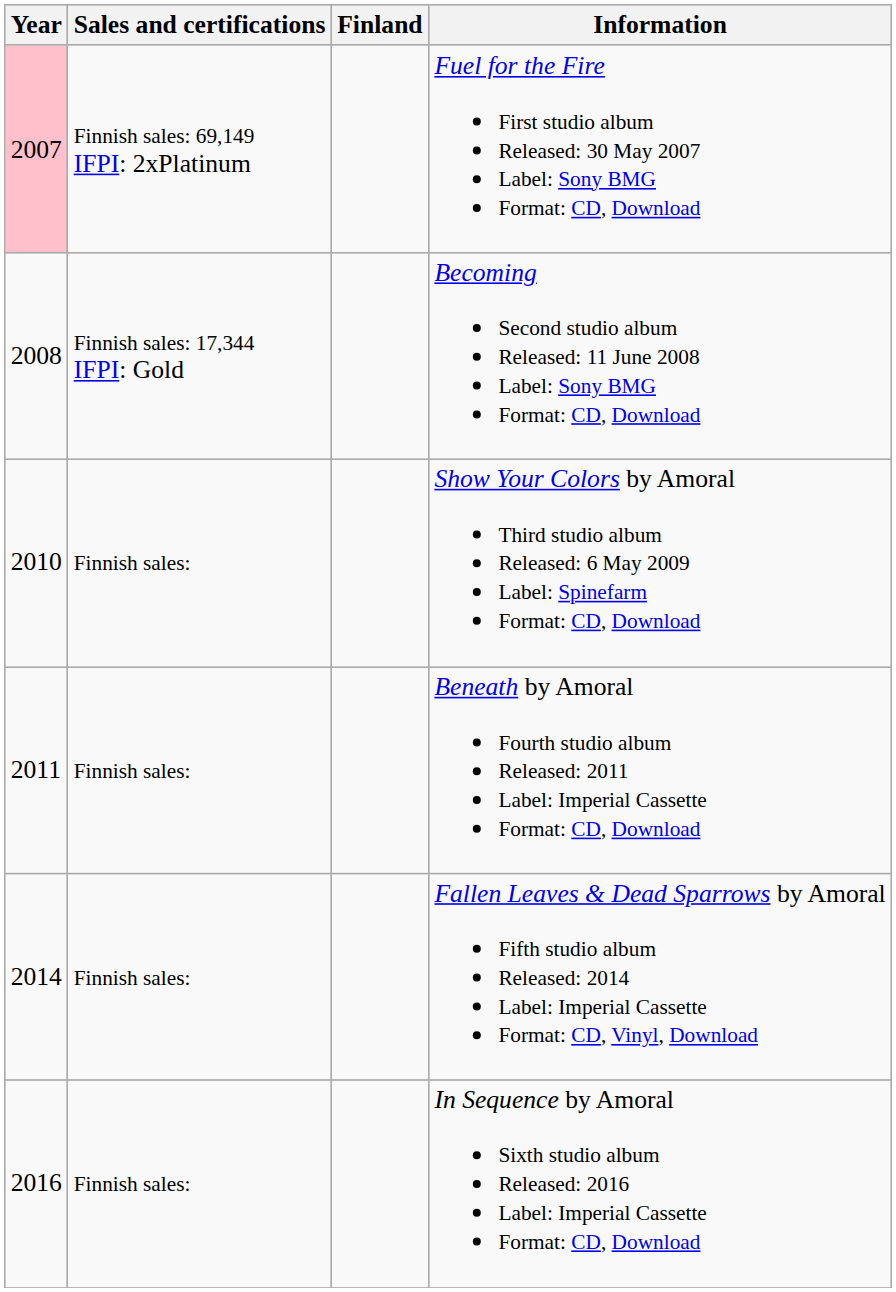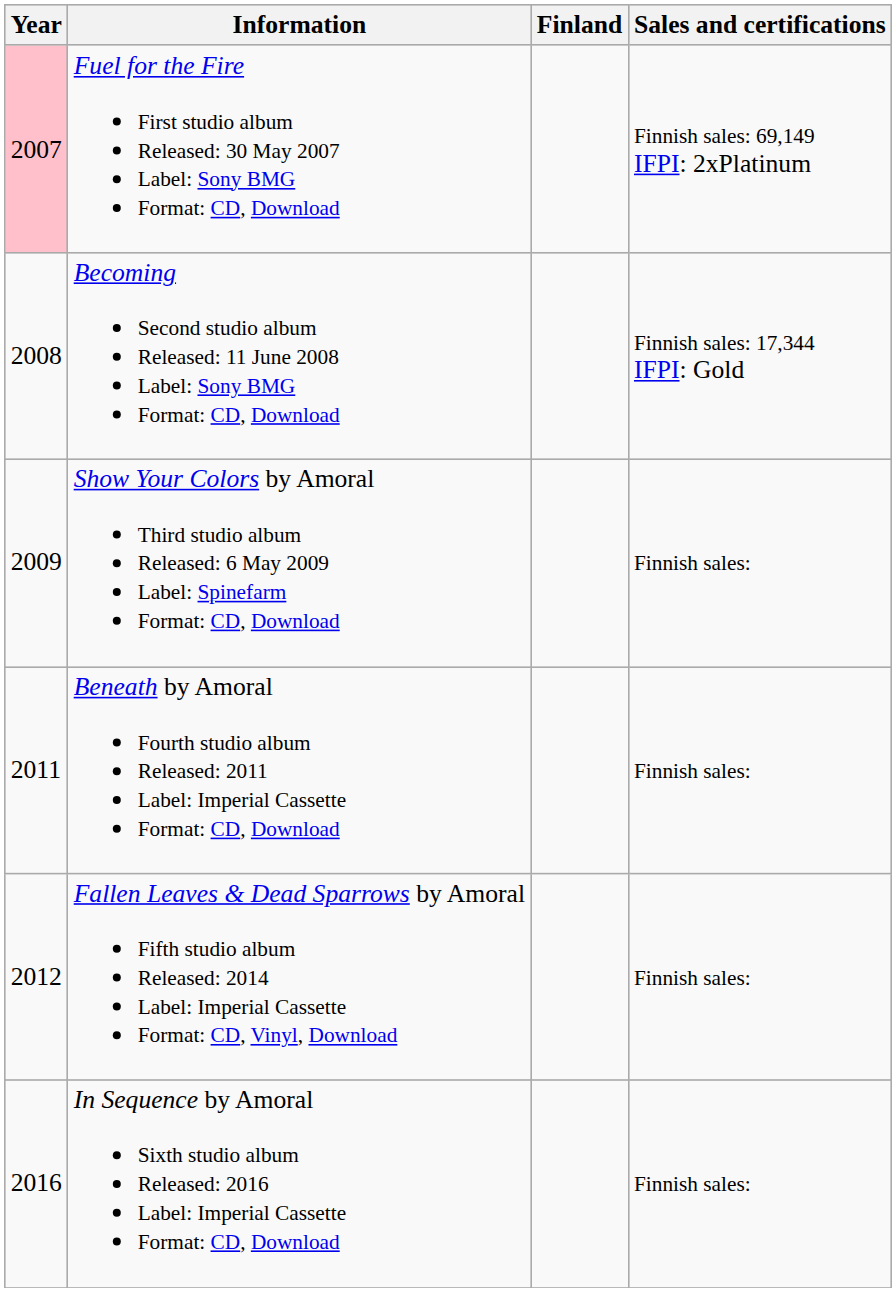 <table class="wikitable">
 <tr>
 <th>Year</th>
+<th>Information</th>
+<th>Finland</th>
 <th>Sales and certifications</th>
-<th>Finland</th>
-<th>Information</th>
 </tr>
 <tr>
 <td style="background: pink;">2007</td>
+<td><em><a href='#'>Fuel for the Fire</a></em><br><ul><li><small>First studio album</small></li><li><small>Released: 30 May 2007</small></li><li><small>Label: <a href='#'>Sony BMG</a></small></li><li><small>Format: <a href='#'>CD</a>, <a href='#'>Download</a></small></li></ul></td>
+<td></td>
 <td><small>Finnish sales: 69,149</small><br><a href='#'>IFPI</a>: 2xPlatinum </td>
-<td></td>
-<td><em><a href='#'>Fuel for the Fire</a></em><br><ul><li><small>First studio album</small></li><li><small>Released: 30 May 2007</small></li><li><small>Label: <a href='#'>Sony BMG</a></small></li><li><small>Format: <a href='#'>CD</a>, <a href='#'>Download</a></small></li></ul></td>
 </tr>
 <tr>
 <td>2008</td>
+<td><em><a href='#'>Becoming</a></em><br><ul><li><small>Second studio album</small></li><li><small>Released: 11 June 2008</small></li><li><small>Label: <a href='#'>Sony BMG</a></small></li><li><small>Format: <a href='#'>CD</a>, <a href='#'>Download</a></small></li></ul></td>
+<td></td>
 <td><small>Finnish sales: 17,344</small><br><a href='#'>IFPI</a>: Gold</td>
-<td></td>
-<td><em><a href='#'>Becoming</a></em><br><ul><li><small>Second studio album</small></li><li><small>Released: 11 June 2008</small></li><li><small>Label: <a href='#'>Sony BMG</a></small></li><li><small>Format: <a href='#'>CD</a>, <a href='#'>Download</a></small></li></ul></td>
 </tr>
 <tr>
-<td>2010</td>
+<td>2009</td>
+<td><em><a href='#'>Show Your Colors</a></em> by Amoral<br><ul><li><small>Third studio album</small></li><li><small>Released: 6 May 2009</small></li><li><small>Label: <a href='#'>Spinefarm</a></small></li><li><small>Format: <a href='#'>CD</a>, <a href='#'>Download</a></small></li></ul></td>
+<td></td>
 <td><small>Finnish sales:</small></td>
-<td></td>
-<td><em><a href='#'>Show Your Colors</a></em> by Amoral<br><ul><li><small>Third studio album</small></li><li><small>Released: 6 May 2009</small></li><li><small>Label: <a href='#'>Spinefarm</a></small></li><li><small>Format: <a href='#'>CD</a>, <a href='#'>Download</a></small></li></ul></td>
 </tr>
 <tr>
 <td>2011</td>
+<td><em><a href='#'>Beneath</a></em> by Amoral<br><ul><li><small>Fourth studio album</small></li><li><small>Released: 2011</small></li><li><small>Label: Imperial Cassette</small></li><li><small>Format: <a href='#'>CD</a>, <a href='#'>Download</a></small></li></ul></td>
+<td></td>
 <td><small>Finnish sales:  </small></td>
-<td></td>
-<td><em><a href='#'>Beneath</a></em> by Amoral<br><ul><li><small>Fourth studio album</small></li><li><small>Released: 2011</small></li><li><small>Label: Imperial Cassette</small></li><li><small>Format: <a href='#'>CD</a>, <a href='#'>Download</a></small></li></ul></td>
 </tr>
 <tr>
-<td>2014</td>
+<td>2012</td>
+<td><em><a href='#'>Fallen Leaves & Dead Sparrows</a></em> by Amoral<br><ul><li><small>Fifth studio album</small></li><li><small>Released: 2014</small></li><li><small>Label: Imperial Cassette</small></li><li><small>Format: <a href='#'>CD</a>, <a href='#'>Vinyl</a>, <a href='#'>Download</a></small></li></ul></td>
+<td></td>
 <td><small>Finnish sales: </small></td>
-<td></td>
-<td><em><a href='#'>Fallen Leaves & Dead Sparrows</a></em> by Amoral<br><ul><li><small>Fifth studio album</small></li><li><small>Released: 2014</small></li><li><small>Label: Imperial Cassette</small></li><li><small>Format: <a href='#'>CD</a>, <a href='#'>Vinyl</a>, <a href='#'>Download</a></small></li></ul></td>
 </tr>
 <tr>
 <td>2016</td>
+<td><em>In Sequence</em> by Amoral<br><ul><li><small>Sixth studio album</small></li><li><small>Released: 2016</small></li><li><small>Label: Imperial Cassette</small></li><li><small>Format: <a href='#'>CD</a>, <a href='#'>Download</a></small></li></ul></td>
+<td></td>
 <td><small>Finnish sales: </small></td>
-<td></td>
-<td><em>In Sequence</em> by Amoral<br><ul><li><small>Sixth studio album</small></li><li><small>Released: 2016</small></li><li><small>Label: Imperial Cassette</small></li><li><small>Format: <a href='#'>CD</a>, <a href='#'>Download</a></small></li></ul></td>
 </tr>
 </table>
